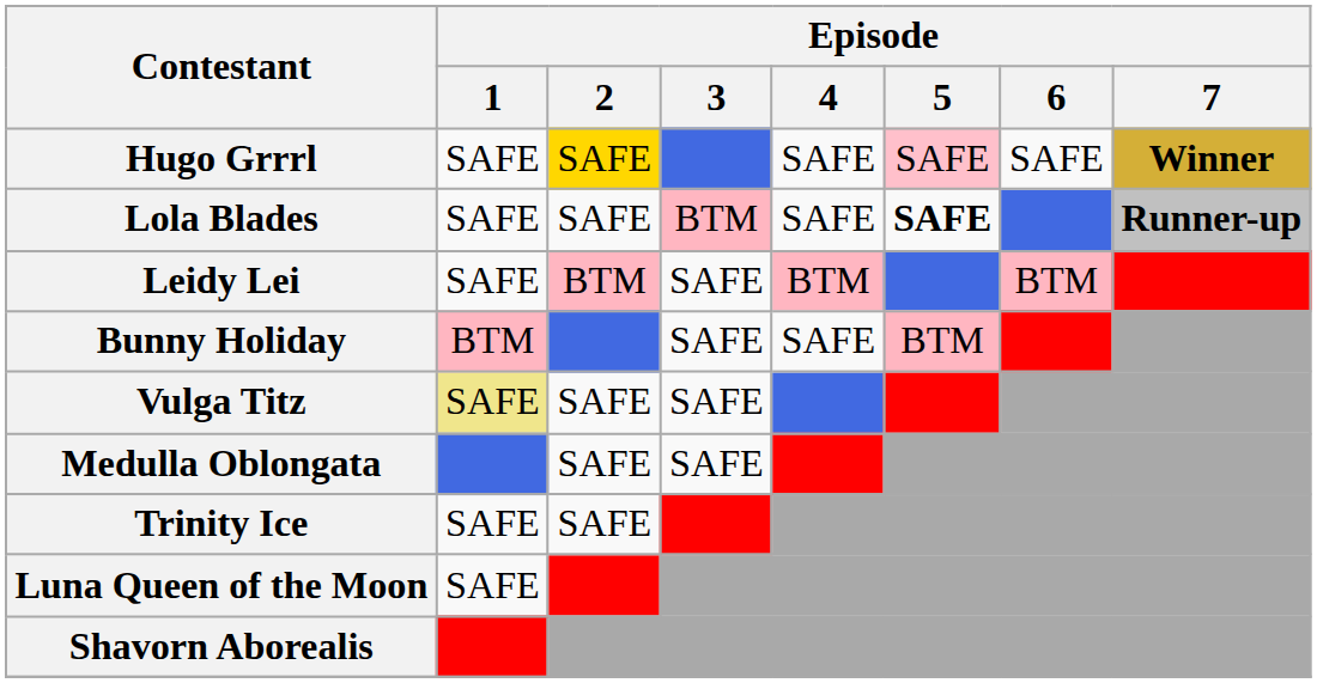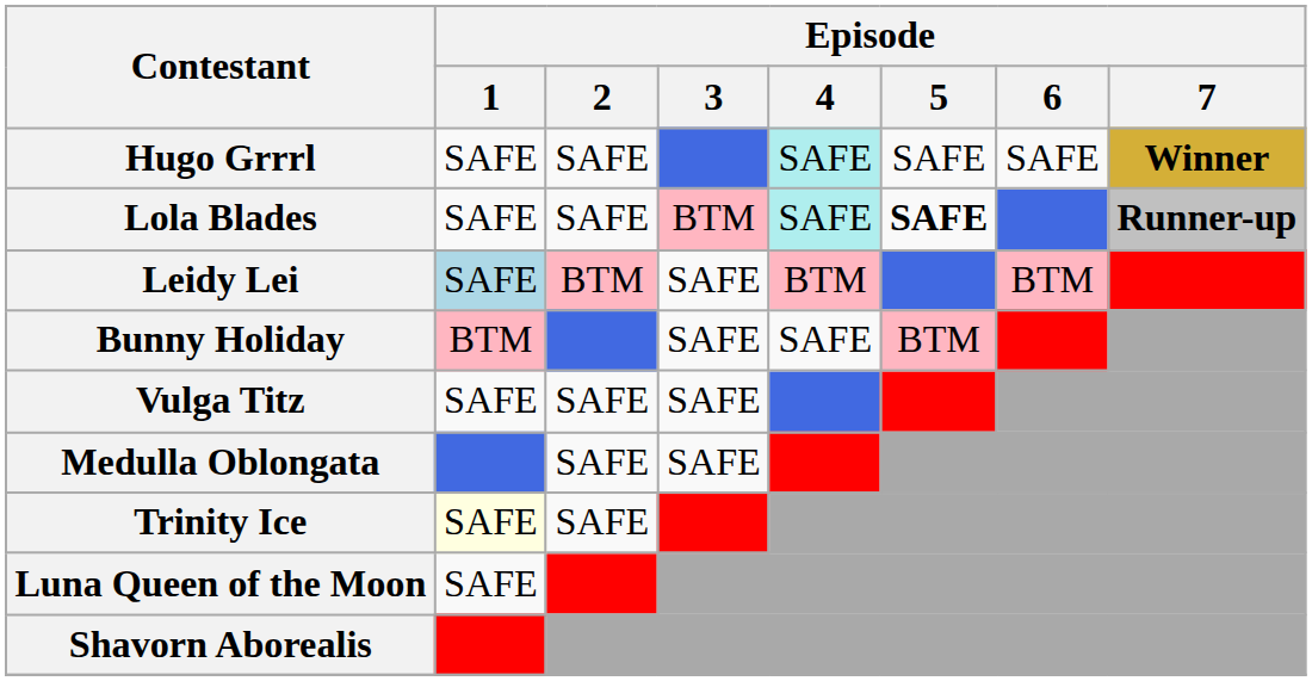 <table class="wikitable" style="text-align:center">
 <tr>
 <th scope="col" rowspan="2">Contestant</th>
 <th colspan="9">Episode</th>
 </tr>
 <tr>
 <th scope="col">1</th>
 <th scope="col">2</th>
 <th scope="col">3</th>
 <th scope="col">4</th>
 <th scope="col">5</th>
 <th scope="col">6</th>
 <th scope="col">7</th>
 </tr>
 <tr>
 <th scope="row">Hugo Grrrl</th>
 <td>SAFE</td>
-<td style="background: gold;">SAFE</td>
+<td>SAFE</td>
 <td bgcolor="royalblue"><strong></strong></td>
+<td style="background: paleturquoise;">SAFE</td>
 <td>SAFE</td>
-<td style="background: pink;">SAFE</td>
 <td>SAFE</td>
 <td bgcolor="#D4AF37"><strong>Winner</strong></td>
 </tr>
 <tr>
 <th scope="row">Lola Blades</th>
 <td>SAFE</td>
 <td>SAFE</td>
 <td bgcolor="lightpink">BTM</td>
-<td>SAFE</td>
+<td style="background: paleturquoise;">SAFE</td>
 <td><strong>SAFE</strong></td>
 <td bgcolor="royalblue"><strong></strong></td>
 <td bgcolor="silver" nowrap><strong>Runner-up</strong></td>
 </tr>
 <tr>
 <th scope="row">Leidy Lei</th>
-<td>SAFE</td>
+<td style="background: lightblue;">SAFE</td>
 <td bgcolor="lightpink">BTM</td>
 <td>SAFE</td>
 <td bgcolor="lightpink">BTM</td>
 <td bgcolor="royalblue"><strong></strong></td>
 <td bgcolor="lightpink">BTM</td>
 <td bgcolor="red"></td>
 </tr>
 <tr>
 <th scope="row">Bunny Holiday</th>
 <td bgcolor="lightpink">BTM</td>
 <td bgcolor="royalblue"><strong></strong></td>
 <td>SAFE</td>
 <td>SAFE</td>
 <td bgcolor="lightpink">BTM</td>
 <td bgcolor="red"></td>
 <td bgcolor="darkgray"></td>
 </tr>
 <tr>
 <th scope="row">Vulga Titz</th>
-<td style="background: khaki;">SAFE</td>
+<td>SAFE</td>
 <td>SAFE</td>
 <td>SAFE</td>
 <td bgcolor="royalblue"><strong></strong></td>
 <td bgcolor="red"></td>
 <td bgcolor="darkgray" colspan="2"></td>
 </tr>
 <tr>
 <th scope="row">Medulla Oblongata</th>
 <td bgcolor="royalblue"><strong></strong></td>
 <td>SAFE</td>
 <td>SAFE</td>
 <td bgcolor="red"></td>
 <td bgcolor="darkgray" colspan="3"></td>
 </tr>
 <tr>
 <th scope="row">Trinity Ice</th>
-<td>SAFE</td>
+<td style="background: lightyellow;">SAFE</td>
 <td>SAFE</td>
 <td bgcolor="red"></td>
 <td bgcolor="darkgray" colspan="4"></td>
 </tr>
 <tr>
 <th scope="row" nowrap>Luna Queen of the Moon</th>
 <td>SAFE</td>
 <td bgcolor="red"></td>
 <td bgcolor="darkgray" colspan="5"></td>
 </tr>
 <tr>
 <th scope="row">Shavorn Aborealis</th>
 <td bgcolor="red"></td>
 <td bgcolor="darkgray" colspan="6"></td>
 </tr>
 <tr>
 </tr>
 </table>
